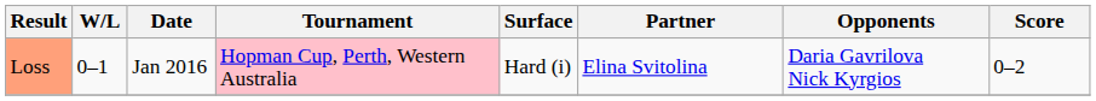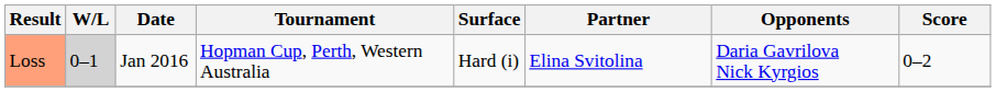 <table class=wikitable>
 <tr>
 <th style=width:40px>Result</th>
 <th style=width:35px class=unsortable>W/L</th>
 <th style=width:60px>Date</th>
 <th style=width:210px>Tournament</th>
 <th style=width:50px>Surface</th>
 <th style=width:150px>Partner</th>
 <th style=width:150px>Opponents</th>
 <th style=width:70px class=unsortable>Score</th>
 </tr>
 <tr>
 <td style=background:#ffa07a>Loss</td>
-<td>0–1</td>
+<td style="background: lightgrey;">0–1</td>
 <td>Jan 2016</td>
-<td style="background: pink;"><a href='#'>Hopman Cup</a>, <a href='#'>Perth</a>, Western Australia</td>
+<td><a href='#'>Hopman Cup</a>, <a href='#'>Perth</a>, Western Australia</td>
 <td>Hard (i)</td>
 <td> <a href='#'>Elina Svitolina</a></td>
 <td> <a href='#'>Daria Gavrilova</a> <br>  <a href='#'>Nick Kyrgios</a></td>
 <td>0–2</td>
 </tr>
 <tr>
 </tr>
 </table>
